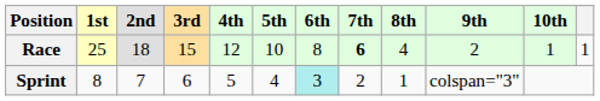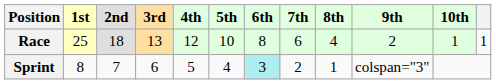 <table class="wikitable" style="font-size: 85%; text-align:center">
 <tr>
 <th>Position</th>
 <th style="background-color:#ffffbf"> 1st </th>
 <th style="background-color:#dfdfdf"> 2nd </th>
 <th style="background-color:#ffdf9f"> 3rd </th>
 <th style="background-color:#dfffdf"> 4th </th>
 <th style="background-color:#dfffdf"> 5th </th>
 <th style="background-color:#dfffdf"> 6th </th>
 <th style="background-color:#dfffdf"> 7th </th>
 <th style="background-color:#dfffdf"> 8th </th>
 <th style="background-color:#dfffdf"> 9th </th>
 <th style="background-color:#dfffdf"> 10th </th>
 <th><a href='#'></a></th>
 </tr>
 <tr>
 <th>Race</th>
 <td style="background-color:#ffffbf">25</td>
 <td style="background-color:#dfdfdf">18</td>
-<td style="background-color:#ffdf9f">15</td>
+<td style="background-color:#ffdf9f">13</td>
 <td style="background-color:#dfffdf">12</td>
 <td style="background-color:#dfffdf">10</td>
 <td style="background-color:#dfffdf">8</td>
-<td style="background-color:#dfffdf"><strong>6</strong></td>
+<td style="background-color:#dfffdf">6</td>
 <td style="background-color:#dfffdf">4</td>
 <td style="background-color:#dfffdf">2</td>
 <td style="background-color:#dfffdf">1</td>
 <td>1</td>
 </tr>
 <tr>
 <th>Sprint</th>
 <td>8</td>
 <td>7</td>
 <td>6</td>
 <td>5</td>
 <td>4</td>
 <td style="background: paleturquoise;">3</td>
 <td>2</td>
 <td>1</td>
 <td>colspan="3" </td>
 </tr>
 </table>
